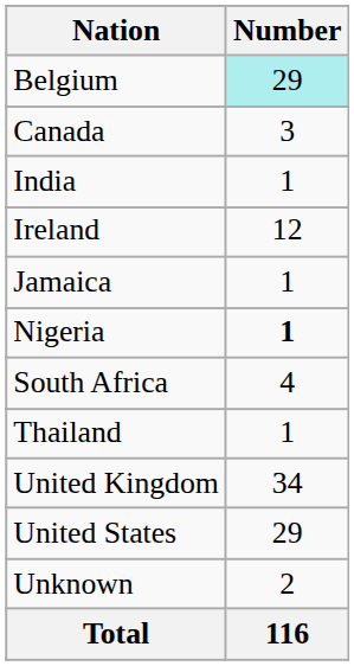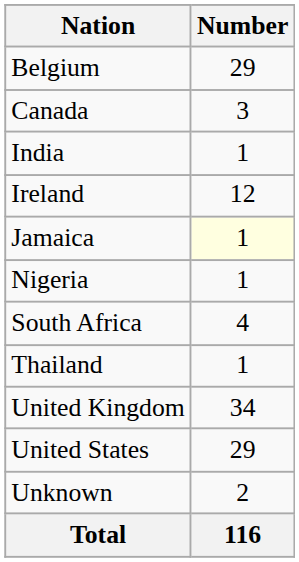 <table class="sortable wikitable" style="margin:0 0 0.5em 1em; float:right; font-size:85%;">
 <tr>
 <th>Nation</th>
 <th>Number</th>
 </tr>
 <tr>
 <td>Belgium</td>
-<td style="background: paleturquoise; text-align:center;">29</td>
+<td style="text-align:center;">29</td>
 </tr>
 <tr>
 <td>Canada</td>
 <td style="text-align:center;">3</td>
 </tr>
 <tr>
 <td>India</td>
 <td style="text-align:center;">1</td>
 </tr>
 <tr>
 <td>Ireland</td>
 <td style="text-align:center;">12</td>
 </tr>
 <tr>
 <td>Jamaica</td>
-<td style="text-align:center;">1</td>
+<td style="background: lightyellow; text-align:center;">1</td>
 </tr>
 <tr>
 <td>Nigeria</td>
-<td style="text-align:center;"><strong>1</strong></td>
+<td style="text-align:center;">1</td>
 </tr>
 <tr>
 <td>South Africa</td>
 <td style="text-align:center;">4</td>
 </tr>
 <tr>
 <td>Thailand</td>
 <td style="text-align:center;">1</td>
 </tr>
 <tr>
 <td>United Kingdom</td>
 <td style="text-align:center;">34</td>
 </tr>
 <tr>
 <td>United States</td>
 <td style="text-align:center;">29</td>
 </tr>
 <tr>
 <td>Unknown</td>
 <td style="text-align:center;">2</td>
 </tr>
 <tr style="font-weight:bold;">
 <th data-sort-value="zzz">Total</th>
 <th style="text-align:center;">116</th>
 </tr>
 </table>
